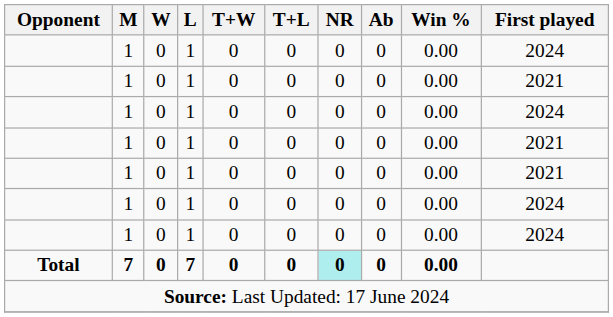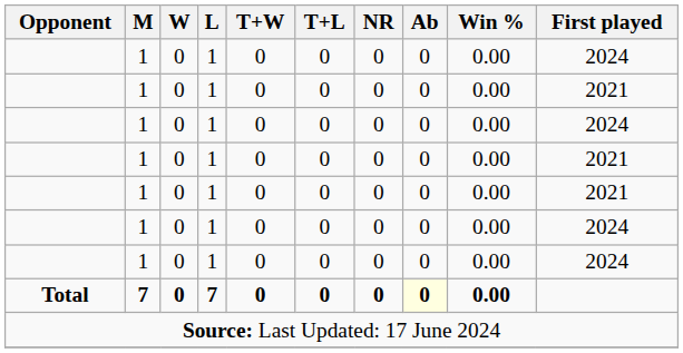 <table class="wikitable" style="text-align: center; width: 500px;">
 <tr>
 <th>Opponent</th>
 <th>M</th>
 <th>W</th>
 <th>L</th>
 <th>T+W</th>
 <th>T+L</th>
 <th>NR</th>
 <th>Ab</th>
 <th>Win %</th>
 <th>First played</th>
 </tr>
 <tr>
 <td align="left"></td>
 <td>1</td>
 <td>0</td>
 <td>1</td>
 <td>0</td>
 <td>0</td>
 <td>0</td>
 <td>0</td>
 <td>0.00</td>
 <td>2024</td>
 </tr>
 <tr>
 <td align="left"></td>
 <td>1</td>
 <td>0</td>
 <td>1</td>
 <td>0</td>
 <td>0</td>
 <td>0</td>
 <td>0</td>
 <td>0.00</td>
 <td>2021</td>
 </tr>
 <tr>
 <td align="left"></td>
 <td>1</td>
 <td>0</td>
 <td>1</td>
 <td>0</td>
 <td>0</td>
 <td>0</td>
 <td>0</td>
 <td>0.00</td>
 <td>2024</td>
 </tr>
 <tr>
 <td align="left"></td>
 <td>1</td>
 <td>0</td>
 <td>1</td>
 <td>0</td>
 <td>0</td>
 <td>0</td>
 <td>0</td>
 <td>0.00</td>
 <td>2021</td>
 </tr>
 <tr>
 <td align="left"></td>
 <td>1</td>
 <td>0</td>
 <td>1</td>
 <td>0</td>
 <td>0</td>
 <td>0</td>
 <td>0</td>
 <td>0.00</td>
 <td>2021</td>
 </tr>
 <tr>
 <td align="left"></td>
 <td>1</td>
 <td>0</td>
 <td>1</td>
 <td>0</td>
 <td>0</td>
 <td>0</td>
 <td>0</td>
 <td>0.00</td>
 <td>2024</td>
 </tr>
 <tr>
 <td align="left"></td>
 <td>1</td>
 <td>0</td>
 <td>1</td>
 <td>0</td>
 <td>0</td>
 <td>0</td>
 <td>0</td>
 <td>0.00</td>
 <td>2024</td>
 </tr>
 <tr>
 <td><strong>Total</strong></td>
 <td><strong>7</strong></td>
 <td><strong>0</strong></td>
 <td><strong>7</strong></td>
 <td><strong>0</strong></td>
 <td><strong>0</strong></td>
-<td style="background: paleturquoise;"><strong>0</strong></td>
 <td><strong>0</strong></td>
+<td style="background: lightyellow;"><strong>0</strong></td>
 <td><strong>0.00</strong></td>
 <td></td>
 </tr>
 <tr>
 <td colspan="10"><strong>Source:</strong> Last Updated: 17 June 2024</td>
 </tr>
 <tr>
 </tr>
 </table>
